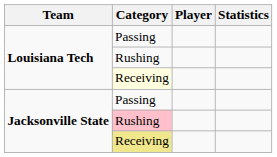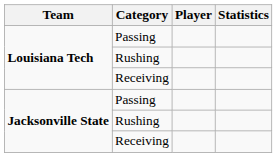 <table class="wikitable" style="float: left;">
 <tr>
 <th>Team</th>
 <th>Category</th>
 <th>Player</th>
 <th>Statistics</th>
 </tr>
 <tr>
 <td rowspan=3><strong>Louisiana Tech</strong></td>
 <td>Passing</td>
 <td></td>
 <td></td>
 </tr>
 <tr>
 <td>Rushing</td>
 <td></td>
 <td></td>
 </tr>
 <tr>
-<td style="background: lightyellow;">Receiving</td>
+<td>Receiving</td>
 <td></td>
 <td></td>
 </tr>
 <tr>
 <td rowspan=3><strong>Jacksonville State</strong></td>
 <td>Passing</td>
 <td></td>
 <td></td>
 </tr>
 <tr>
-<td style="background: pink;">Rushing</td>
+<td>Rushing</td>
 <td></td>
 <td></td>
 </tr>
 <tr>
-<td style="background: khaki;">Receiving</td>
+<td>Receiving</td>
 <td></td>
 <td></td>
 </tr>
 </table>
